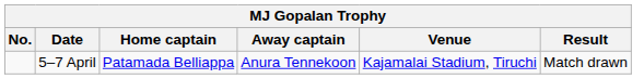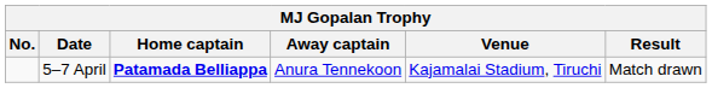 <table class="wikitable">
 <tr>
 <th colspan="9">MJ Gopalan Trophy</th>
 </tr>
 <tr>
 <th>No.</th>
 <th>Date</th>
 <th>Home captain</th>
 <th>Away captain</th>
 <th>Venue</th>
 <th>Result</th>
 </tr>
 <tr>
 <td></td>
 <td>5–7 April</td>
-<td><a href='#'>Patamada Belliappa</a></td>
+<td><strong><a href='#'>Patamada Belliappa</a></strong></td>
 <td><a href='#'>Anura Tennekoon</a></td>
 <td><a href='#'>Kajamalai Stadium</a>, <a href='#'>Tiruchi</a></td>
 <td>Match drawn</td>
 </tr>
 </table>
